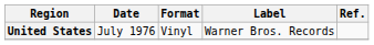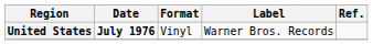 <table class="wikitable plainrowheaders">
 <tr>
 <th scope="col">Region</th>
 <th scope="col">Date</th>
 <th scope="col">Format</th>
 <th scope="col">Label</th>
 <th scope="col">Ref.</th>
 </tr>
 <tr>
 <th scope="row">United States</th>
-<td>July 1976</td>
+<td><strong>July 1976</strong></td>
 <td>Vinyl</td>
 <td>Warner Bros. Records</td>
 <td></td>
 </tr>
 <tr>
 </tr>
 </table>
